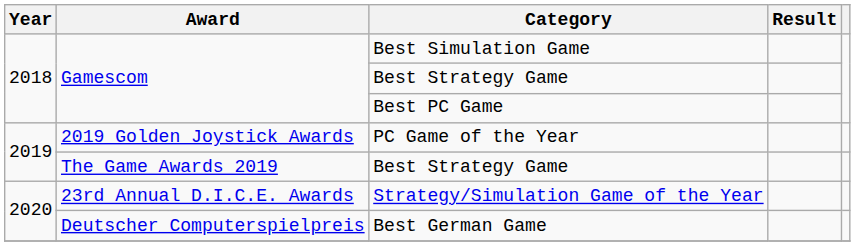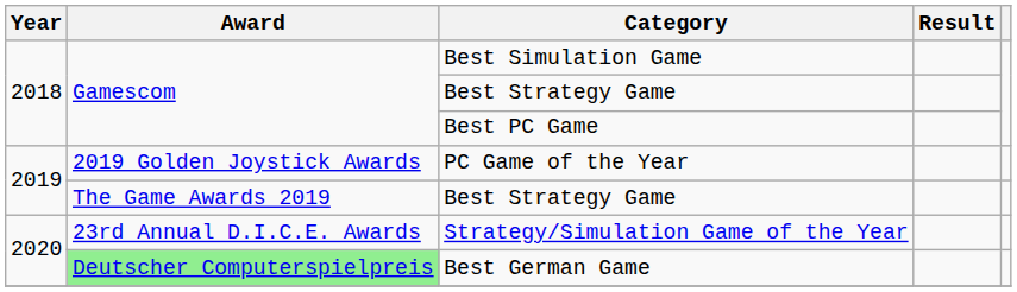 <table class="wikitable sortable">
 <tr>
 <th>Year</th>
 <th>Award</th>
 <th>Category</th>
 <th>Result</th>
 <th></th>
 </tr>
 <tr>
 <td style="text-align:center;" rowspan="3">2018</td>
 <td rowspan="3"><a href='#'>Gamescom</a></td>
 <td>Best Simulation Game</td>
 <td></td>
 <td rowspan="3" style="text-align:center;"></td>
 </tr>
 <tr>
 <td>Best Strategy Game</td>
 <td></td>
 </tr>
 <tr>
 <td>Best PC Game</td>
 <td></td>
 </tr>
 <tr>
 <td style="text-align:center;" rowspan="2">2019</td>
 <td><a href='#'>2019 Golden Joystick Awards</a></td>
 <td>PC Game of the Year</td>
 <td></td>
 <td style="text-align:center;"></td>
 </tr>
 <tr>
 <td><a href='#'>The Game Awards 2019</a></td>
 <td>Best Strategy Game</td>
 <td></td>
 <td style="text-align:center;"></td>
 </tr>
 <tr>
 <td style="text-align:center;" rowspan="2">2020</td>
 <td><a href='#'>23rd Annual D.I.C.E. Awards</a></td>
 <td><a href='#'>Strategy/Simulation Game of the Year</a></td>
 <td></td>
 <td style="text-align:center;"></td>
 </tr>
 <tr>
-<td><a href='#'>Deutscher Computerspielpreis</a></td>
+<td style="background: lightgreen;"><a href='#'>Deutscher Computerspielpreis</a></td>
 <td>Best German Game</td>
 <td></td>
 <td style="text-align:center;"></td>
 </tr>
 <tr>
 </tr>
 </table>
